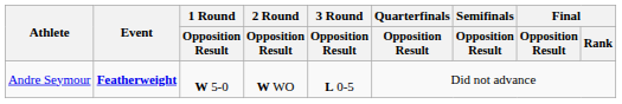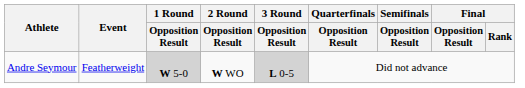 <table class="wikitable" style="font-size:90%">
 <tr>
 <th rowspan="2">Athlete</th>
 <th rowspan="2">Event</th>
 <th>1 Round</th>
 <th>2 Round</th>
 <th>3 Round</th>
 <th>Quarterfinals</th>
 <th>Semifinals</th>
 <th colspan=2>Final</th>
 </tr>
 <tr style="font-size:95%">
 <th>Opposition<br>Result</th>
 <th>Opposition<br>Result</th>
 <th>Opposition<br>Result</th>
 <th>Opposition<br>Result</th>
 <th>Opposition<br>Result</th>
 <th>Opposition<br>Result</th>
 <th>Rank</th>
 </tr>
 <tr align=center>
 <td align=left><a href='#'>Andre Seymour</a></td>
-<td align=left><strong><a href='#'>Featherweight</a></strong></td>
-<td><br><strong>W</strong> 5-0</td>
+<td align=left><a href='#'>Featherweight</a></td>
+<td style="background: lightgrey;"><br><strong>W</strong> 5-0</td>
 <td><br><strong>W</strong> WO</td>
-<td><br><strong>L</strong> 0-5</td>
+<td style="background: lightgrey;"><br><strong>L</strong> 0-5</td>
 <td colspan=5>Did not advance</td>
 </tr>
 </table>
